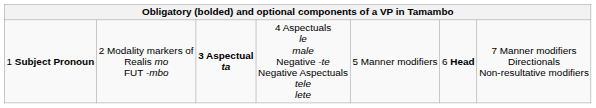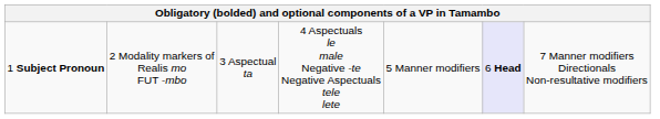 <table class="wikitable" style="text-align: center;">
 <tr>
 <th colspan="7">Obligatory (bolded) and optional components of a VP in Tamambo<strong></strong></th>
 </tr>
 <tr>
 <td>1 <strong>Subject Pronoun</strong></td>
 <td>2 Modality markers of<br>Realis <em>mo</em><br>FUT <em>-mbo</em></td>
-<td><strong>3 Aspectual<br><em>ta</em></strong></td>
+<td>3 Aspectual<br><em>ta</em></td>
 <td>4 Aspectuals<br><em>le</em><br><em>male</em><br>Negative <em>-te</em><br>Negative Aspectuals<br><em>tele</em><br><em>lete</em> <br></td>
 <td>5 Manner modifiers</td>
-<td>6 <strong>Head</strong></td>
+<td style="background: lavender;">6 <strong>Head</strong></td>
 <td>7 Manner modifiers<br>Directionals<br>Non-resultative modifiers</td>
 </tr>
 </table>
